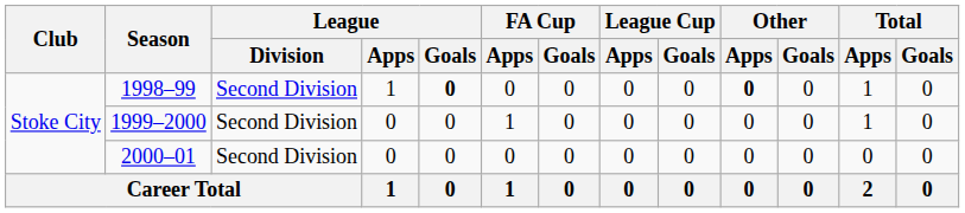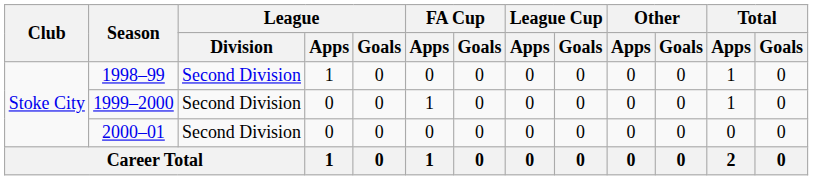 <table class="wikitable" style="text-align: center;">
 <tr>
 <th rowspan="2">Club</th>
 <th rowspan="2">Season</th>
 <th colspan="3">League</th>
 <th colspan="2">FA Cup</th>
 <th colspan="2">League Cup</th>
 <th colspan="2">Other</th>
 <th colspan="2">Total</th>
 </tr>
 <tr>
 <th>Division</th>
 <th>Apps</th>
 <th>Goals</th>
 <th>Apps</th>
 <th>Goals</th>
 <th>Apps</th>
 <th>Goals</th>
 <th>Apps</th>
 <th>Goals</th>
 <th>Apps</th>
 <th>Goals</th>
 </tr>
 <tr>
 <td rowspan="3"><a href='#'>Stoke City</a></td>
 <td><a href='#'>1998–99</a></td>
 <td><a href='#'>Second Division</a></td>
 <td>1</td>
-<td><strong>0</strong></td>
 <td>0</td>
 <td>0</td>
 <td>0</td>
 <td>0</td>
-<td><strong>0</strong></td>
+<td>0</td>
+<td>0</td>
 <td>0</td>
 <td>1</td>
 <td>0</td>
 </tr>
 <tr>
 <td><a href='#'>1999–2000</a></td>
 <td>Second Division</td>
 <td>0</td>
 <td>0</td>
 <td>1</td>
 <td>0</td>
 <td>0</td>
 <td>0</td>
 <td>0</td>
 <td>0</td>
 <td>1</td>
 <td>0</td>
 </tr>
 <tr>
 <td><a href='#'>2000–01</a></td>
 <td>Second Division</td>
 <td>0</td>
 <td>0</td>
 <td>0</td>
 <td>0</td>
 <td>0</td>
 <td>0</td>
 <td>0</td>
 <td>0</td>
 <td>0</td>
 <td>0</td>
 </tr>
 <tr>
 <th colspan="3">Career Total</th>
 <th>1</th>
 <th>0</th>
 <th>1</th>
 <th>0</th>
 <th>0</th>
 <th>0</th>
 <th>0</th>
 <th>0</th>
 <th>2</th>
 <th>0</th>
 </tr>
 </table>
